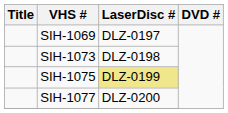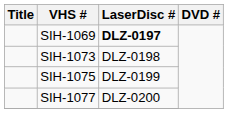 <table class="wikitable" style="text-align:left">
 <tr>
 <th>Title</th>
 <th>VHS #</th>
 <th>LaserDisc #</th>
 <th>DVD #</th>
 </tr>
 <tr>
 <td></td>
 <td>SIH-1069</td>
-<td>DLZ-0197</td>
+<td><strong>DLZ-0197</strong></td>
 </tr>
 <tr>
 <td></td>
 <td>SIH-1073</td>
 <td>DLZ-0198</td>
 </tr>
 <tr>
 <td></td>
 <td>SIH-1075</td>
-<td style="background: khaki;">DLZ-0199</td>
+<td>DLZ-0199</td>
 </tr>
 <tr>
 <td></td>
 <td>SIH-1077</td>
 <td>DLZ-0200</td>
 </tr>
 <tr>
 </tr>
 </table>
